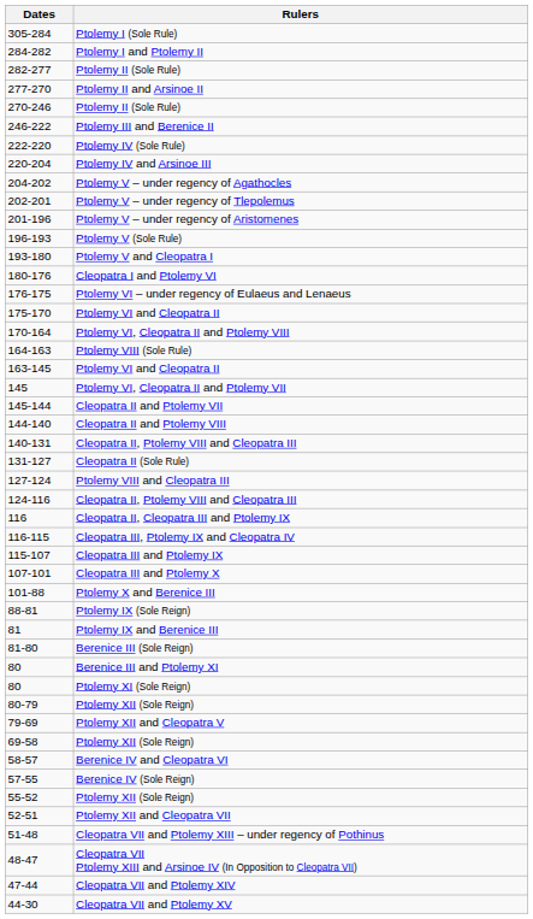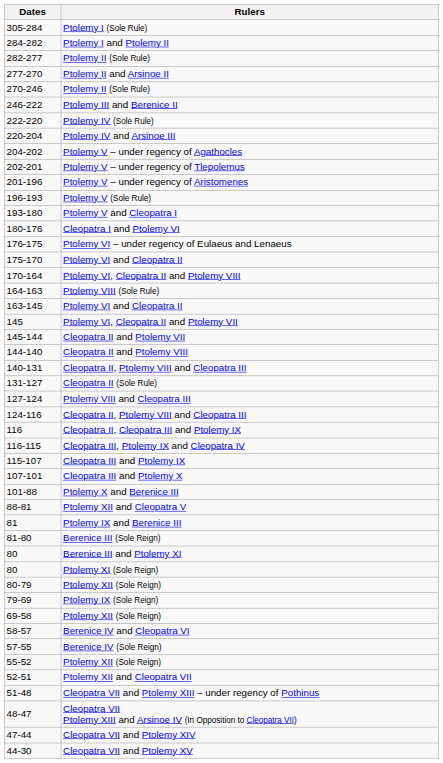 <table class="wikitable" width="45%">
 <tr>
 <th width="5%">Dates</th>
 <th width="40%">Rulers</th>
 </tr>
 <tr>
 <td>305-284</td>
 <td><a href='#'>Ptolemy I</a> <small>(Sole Rule)</small></td>
 </tr>
 <tr>
 <td>284-282</td>
 <td><a href='#'>Ptolemy I</a> and <a href='#'>Ptolemy II</a></td>
 </tr>
 <tr>
 <td>282-277</td>
 <td><a href='#'>Ptolemy II</a> <small>(Sole Rule)</small></td>
 </tr>
 <tr>
 <td>277-270</td>
 <td><a href='#'>Ptolemy II</a> and <a href='#'>Arsinoe II</a></td>
 </tr>
 <tr>
 <td>270-246</td>
 <td><a href='#'>Ptolemy II</a> <small>(Sole Rule)</small></td>
 </tr>
 <tr>
 <td>246-222</td>
 <td><a href='#'>Ptolemy III</a> and <a href='#'>Berenice II</a></td>
 </tr>
 <tr>
 <td>222-220</td>
 <td><a href='#'>Ptolemy IV</a> <small>(Sole Rule)</small></td>
 </tr>
 <tr>
 <td>220-204</td>
 <td><a href='#'>Ptolemy IV</a> and <a href='#'>Arsinoe III</a></td>
 </tr>
 <tr>
 <td>204-202</td>
 <td><a href='#'>Ptolemy V</a> – under regency of <a href='#'>Agathocles</a></td>
 </tr>
 <tr>
 <td>202-201</td>
 <td><a href='#'>Ptolemy V</a> – under regency of <a href='#'>Tlepolemus</a></td>
 </tr>
 <tr>
 <td>201-196</td>
 <td><a href='#'>Ptolemy V</a> – under regency of <a href='#'>Aristomenes</a></td>
 </tr>
 <tr>
 <td>196-193</td>
 <td><a href='#'>Ptolemy V</a> <small>(Sole Rule)</small></td>
 </tr>
 <tr>
 <td>193-180</td>
 <td><a href='#'>Ptolemy V</a> and <a href='#'>Cleopatra I</a></td>
 </tr>
 <tr>
 <td>180-176</td>
 <td><a href='#'>Cleopatra I</a> and <a href='#'>Ptolemy VI</a></td>
 </tr>
 <tr>
 <td>176-175</td>
 <td><a href='#'>Ptolemy VI</a> – under regency of Eulaeus and Lenaeus</td>
 </tr>
 <tr>
 <td>175-170</td>
 <td><a href='#'>Ptolemy VI</a> and <a href='#'>Cleopatra II</a></td>
 </tr>
 <tr>
 <td>170-164</td>
 <td><a href='#'>Ptolemy VI</a>, <a href='#'>Cleopatra II</a> and <a href='#'>Ptolemy VIII</a></td>
 </tr>
 <tr>
 <td>164-163</td>
 <td><a href='#'>Ptolemy VIII</a> <small>(Sole Rule)</small></td>
 </tr>
 <tr>
 <td>163-145</td>
 <td><a href='#'>Ptolemy VI</a> and <a href='#'>Cleopatra II</a></td>
 </tr>
 <tr>
 <td>145</td>
 <td><a href='#'>Ptolemy VI</a>, <a href='#'>Cleopatra II</a> and <a href='#'>Ptolemy VII</a></td>
 </tr>
 <tr>
 <td>145-144</td>
 <td><a href='#'>Cleopatra II</a> and <a href='#'>Ptolemy VII</a></td>
 </tr>
 <tr>
 <td>144-140</td>
 <td><a href='#'>Cleopatra II</a> and <a href='#'>Ptolemy VIII</a></td>
 </tr>
 <tr>
 <td>140-131</td>
 <td><a href='#'>Cleopatra II</a>, <a href='#'>Ptolemy VIII</a> and <a href='#'>Cleopatra III</a></td>
 </tr>
 <tr>
 <td>131-127</td>
 <td><a href='#'>Cleopatra II</a> <small>(Sole Rule)</small></td>
 </tr>
 <tr>
 <td>127-124</td>
 <td><a href='#'>Ptolemy VIII</a> and <a href='#'>Cleopatra III</a></td>
 </tr>
 <tr>
 <td>124-116</td>
 <td><a href='#'>Cleopatra II</a>, <a href='#'>Ptolemy VIII</a> and <a href='#'>Cleopatra III</a></td>
 </tr>
 <tr>
 <td>116</td>
 <td><a href='#'>Cleopatra II</a>, <a href='#'>Cleopatra III</a> and <a href='#'>Ptolemy IX</a></td>
 </tr>
 <tr>
 <td>116-115</td>
 <td><a href='#'>Cleopatra III</a>, <a href='#'>Ptolemy IX</a> and <a href='#'>Cleopatra IV</a></td>
 </tr>
 <tr>
 <td>115-107</td>
 <td><a href='#'>Cleopatra III</a> and <a href='#'>Ptolemy IX</a></td>
 </tr>
 <tr>
 <td>107-101</td>
 <td><a href='#'>Cleopatra III</a> and <a href='#'>Ptolemy X</a></td>
 </tr>
 <tr>
 <td>101-88</td>
 <td><a href='#'>Ptolemy X</a> and <a href='#'>Berenice III</a></td>
 </tr>
 <tr>
 <td>88-81</td>
-<td><a href='#'>Ptolemy IX</a> <small>(Sole Reign)</small></td>
+<td><a href='#'>Ptolemy XII</a> and <a href='#'>Cleopatra V</a></td>
 </tr>
 <tr>
 <td>81</td>
 <td><a href='#'>Ptolemy IX</a> and <a href='#'>Berenice III</a></td>
 </tr>
 <tr>
 <td>81-80</td>
 <td><a href='#'>Berenice III</a> <small>(Sole Reign)</small></td>
 </tr>
 <tr>
 <td>80</td>
 <td><a href='#'>Berenice III</a> and <a href='#'>Ptolemy XI</a></td>
 </tr>
 <tr>
 <td>80</td>
 <td><a href='#'>Ptolemy XI</a> <small>(Sole Reign)</small></td>
 </tr>
 <tr>
 <td>80-79</td>
 <td><a href='#'>Ptolemy XII</a> <small>(Sole Reign)</small></td>
 </tr>
 <tr>
 <td>79-69</td>
-<td><a href='#'>Ptolemy XII</a> and <a href='#'>Cleopatra V</a></td>
+<td><a href='#'>Ptolemy IX</a> <small>(Sole Reign)</small></td>
 </tr>
 <tr>
 <td>69-58</td>
 <td><a href='#'>Ptolemy XII</a> <small>(Sole Reign)</small></td>
 </tr>
 <tr>
 <td>58-57</td>
 <td><a href='#'>Berenice IV</a> and <a href='#'>Cleopatra VI</a></td>
 </tr>
 <tr>
 <td>57-55</td>
 <td><a href='#'>Berenice IV</a> <small>(Sole Reign)</small></td>
 </tr>
 <tr>
 <td>55-52</td>
 <td><a href='#'>Ptolemy XII</a> <small>(Sole Reign)</small></td>
 </tr>
 <tr>
 <td>52-51</td>
 <td><a href='#'>Ptolemy XII</a> and <a href='#'>Cleopatra VII</a></td>
 </tr>
 <tr>
 <td>51-48</td>
 <td><a href='#'>Cleopatra VII</a> and <a href='#'>Ptolemy XIII</a> – under regency of <a href='#'>Pothinus</a></td>
 </tr>
 <tr>
 <td>48-47</td>
 <td><a href='#'>Cleopatra VII</a><br><a href='#'>Ptolemy XIII</a> and <a href='#'>Arsinoe IV</a> <small>(In Opposition to <a href='#'>Cleopatra VII</a>)</small></td>
 </tr>
 <tr>
 <td>47-44</td>
 <td><a href='#'>Cleopatra VII</a> and <a href='#'>Ptolemy XIV</a></td>
 </tr>
 <tr>
 <td>44-30</td>
 <td><a href='#'>Cleopatra VII</a> and <a href='#'>Ptolemy XV</a></td>
 </tr>
 </table>
